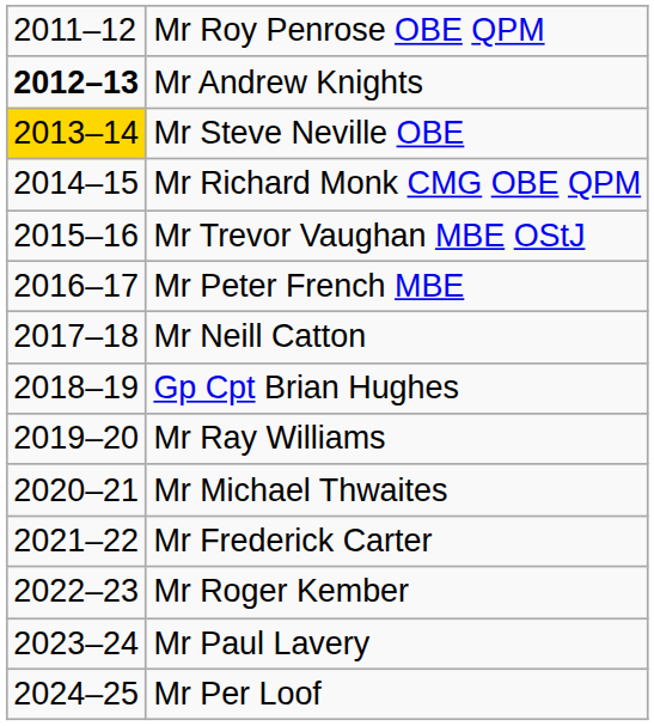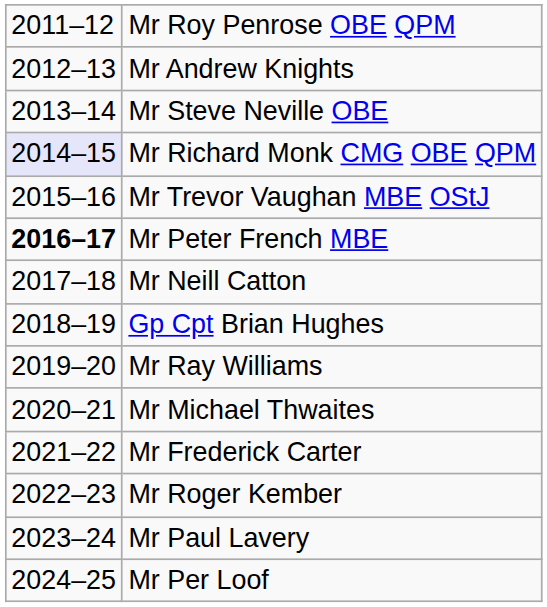 <table class="wikitable" border="1" style="margin-left: auto; margin-right: auto; border: none;">
 <tr>
 <td>2011–12</td>
 <td>Mr Roy Penrose <a href='#'>OBE</a> <a href='#'>QPM</a></td>
 </tr>
 <tr>
-<td><strong>2012–13</strong></td>
+<td>2012–13</td>
 <td>Mr Andrew Knights</td>
 </tr>
 <tr>
-<td style="background: gold;">2013–14</td>
+<td>2013–14</td>
 <td>Mr Steve Neville <a href='#'>OBE</a></td>
 </tr>
 <tr>
-<td>2014–15</td>
+<td style="background: lavender;">2014–15</td>
 <td>Mr Richard Monk <a href='#'>CMG</a> <a href='#'>OBE</a> <a href='#'>QPM</a></td>
 </tr>
 <tr>
 <td>2015–16</td>
 <td>Mr Trevor Vaughan <a href='#'>MBE</a> <a href='#'>OStJ</a></td>
 </tr>
 <tr>
-<td>2016–17</td>
+<td><strong>2016–17</strong></td>
 <td>Mr Peter French <a href='#'>MBE</a></td>
 </tr>
 <tr>
 <td>2017–18</td>
 <td>Mr Neill Catton</td>
 </tr>
 <tr>
 <td>2018–19</td>
 <td><a href='#'>Gp Cpt</a> Brian Hughes</td>
 </tr>
 <tr>
 <td>2019–20</td>
 <td>Mr Ray Williams</td>
 </tr>
 <tr>
 <td>2020–21</td>
 <td>Mr Michael Thwaites</td>
 </tr>
 <tr>
 <td>2021–22</td>
 <td>Mr Frederick Carter</td>
 </tr>
 <tr>
 <td>2022–23</td>
 <td>Mr Roger Kember</td>
 </tr>
 <tr>
 <td>2023–24</td>
 <td>Mr Paul Lavery</td>
 </tr>
 <tr>
 <td>2024–25</td>
 <td>Mr Per Loof</td>
 </tr>
 </table>
